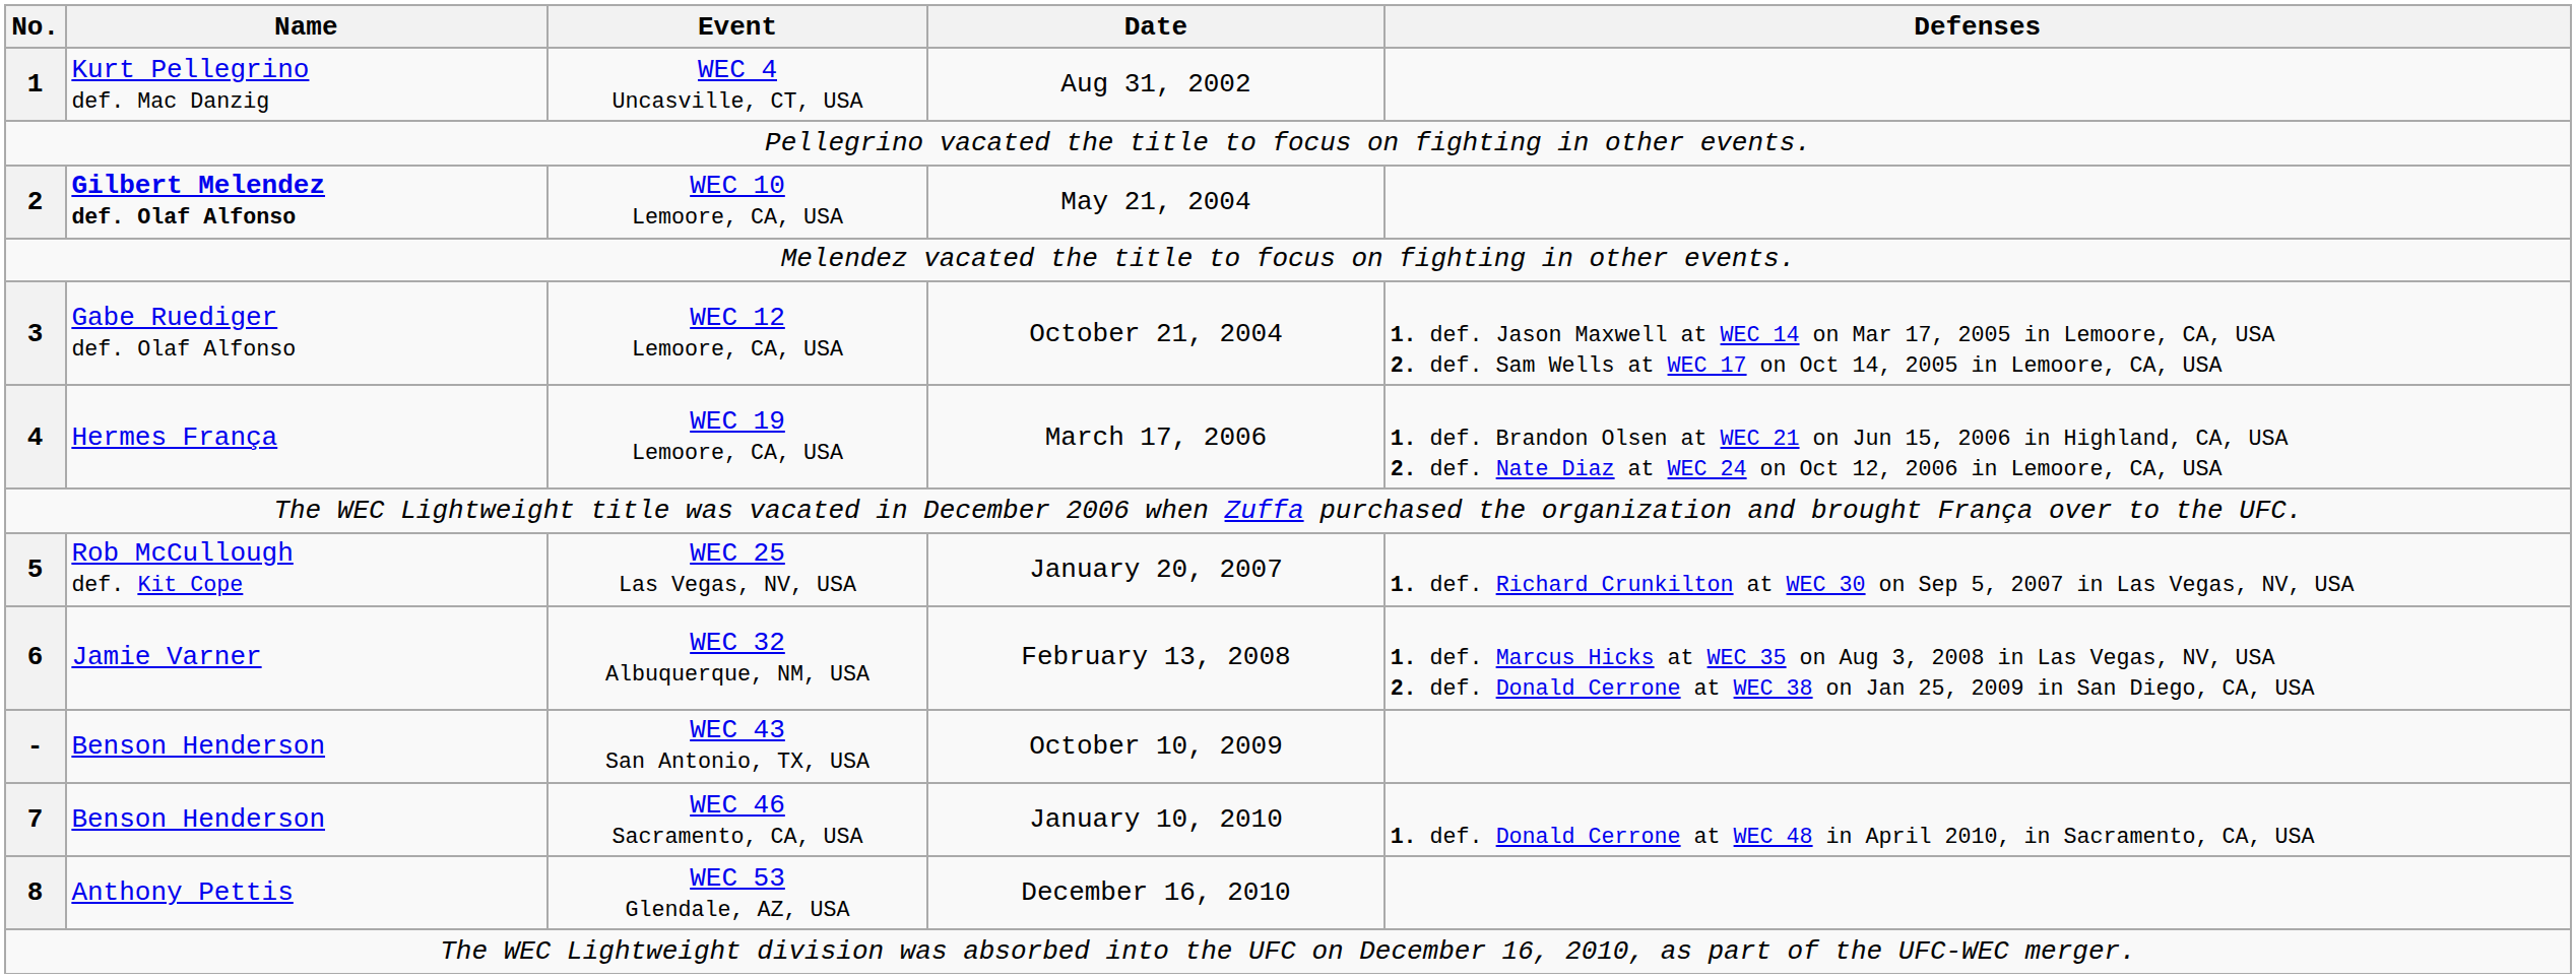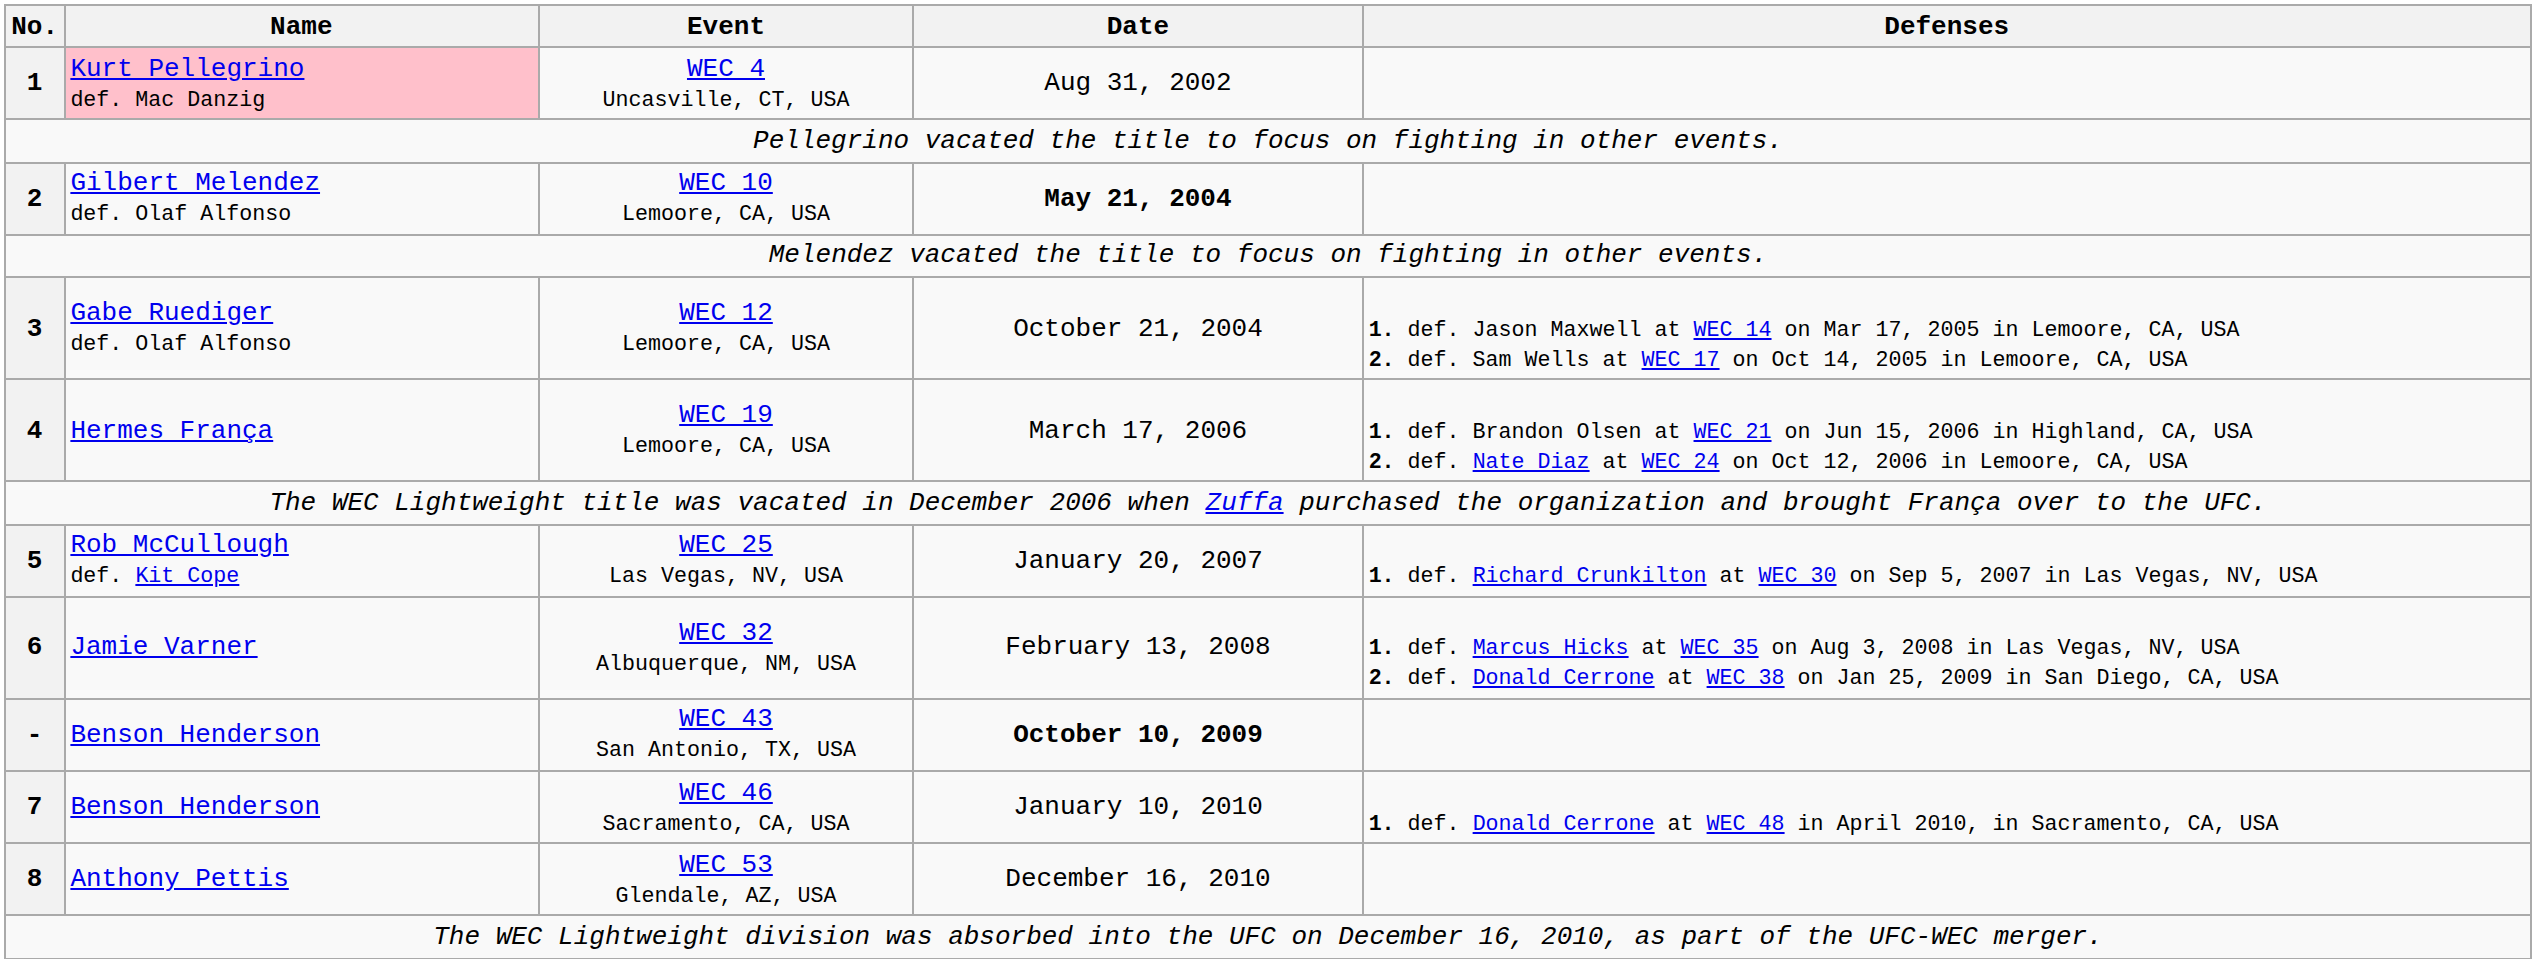 <table class="wikitable" width=100%>
 <tr>
 <th width=1%>No.</th>
 <th width=19%>Name</th>
 <th width=15%>Event</th>
 <th width=18%>Date</th>
 <th width=47%>Defenses</th>
 </tr>
 <tr>
 <th>1</th>
-<td align=left> <a href='#'>Kurt Pellegrino</a><br><small>def. Mac Danzig</small></td>
+<td align=left style="background: pink;"> <a href='#'>Kurt Pellegrino</a><br><small>def. Mac Danzig</small></td>
 <td align=center><a href='#'>WEC 4</a> <br><small>Uncasville, CT, USA</small></td>
 <td align=center>Aug 31, 2002</td>
 <td></td>
 </tr>
 <tr>
 <td align="center" colspan="5"><em>Pellegrino vacated the title to focus on fighting in other events.</em></td>
 </tr>
 <tr>
 <th>2</th>
-<td align=left><strong> <a href='#'>Gilbert Melendez</a><br><small>def. Olaf Alfonso</small></strong></td>
+<td align=left> <a href='#'>Gilbert Melendez</a><br><small>def. Olaf Alfonso</small></td>
 <td align=center><a href='#'>WEC 10</a> <br><small>Lemoore, CA, USA</small></td>
-<td align=center>May 21, 2004</td>
+<td align=center><strong>May 21, 2004</strong></td>
 <td></td>
 </tr>
 <tr>
 <td align="center" colspan="5"><em>Melendez vacated the title to focus on fighting in other events.</em></td>
 </tr>
 <tr>
 <th>3</th>
 <td align=left> <a href='#'>Gabe Ruediger</a><br><small>def. Olaf Alfonso</small></td>
 <td align=center><a href='#'>WEC 12</a> <br><small>Lemoore, CA, USA</small></td>
 <td align=center>October 21, 2004</td>
 <td><br><small><strong>1.</strong> def. Jason Maxwell at <a href='#'>WEC 14</a> on Mar 17, 2005 in Lemoore, CA, USA<br> <strong>2.</strong> def. Sam Wells at <a href='#'>WEC 17</a> on Oct 14, 2005 in Lemoore, CA, USA</small></td>
 </tr>
 <tr>
 <th>4</th>
 <td align=left> <a href='#'>Hermes França</a></td>
 <td align=center><a href='#'>WEC 19</a> <br><small>Lemoore, CA, USA</small></td>
 <td align=center>March 17, 2006</td>
 <td><br><small><strong>1.</strong> def. Brandon Olsen at <a href='#'>WEC 21</a> on Jun 15, 2006 in Highland, CA, USA<br> <strong>2.</strong> def. <a href='#'>Nate Diaz</a> at <a href='#'>WEC 24</a> on Oct 12, 2006 in Lemoore, CA, USA</small></td>
 </tr>
 <tr>
 <td align="center" colspan="5"><em>The WEC Lightweight title was vacated in December 2006 when <a href='#'>Zuffa</a> purchased the organization and brought França over to the UFC.</em></td>
 </tr>
 <tr>
 <th>5</th>
 <td align=left> <a href='#'>Rob McCullough</a><br><small>def. <a href='#'>Kit Cope</a></small></td>
 <td align=center><a href='#'>WEC 25</a> <br><small>Las Vegas, NV, USA</small></td>
 <td align=center>January 20, 2007</td>
 <td><br><small><strong>1.</strong> def. <a href='#'>Richard Crunkilton</a> at <a href='#'>WEC 30</a> on Sep 5, 2007 in Las Vegas, NV, USA</small></td>
 </tr>
 <tr>
 <th>6</th>
 <td align=left> <a href='#'>Jamie Varner</a></td>
 <td align=center><a href='#'>WEC 32</a> <br><small>Albuquerque, NM, USA</small></td>
 <td align=center>February 13, 2008</td>
 <td><br><small><strong>1.</strong> def. <a href='#'>Marcus Hicks</a> at <a href='#'>WEC 35</a> on Aug 3, 2008 in Las Vegas, NV, USA<br> <strong>2.</strong> def. <a href='#'>Donald Cerrone</a> at <a href='#'>WEC 38</a> on Jan 25, 2009 in San Diego, CA, USA</small></td>
 </tr>
 <tr>
 <th>-</th>
 <td align=left> <a href='#'>Benson Henderson</a><br></td>
 <td align=center><a href='#'>WEC 43</a> <br><small>San Antonio, TX, USA</small></td>
-<td align=center>October 10, 2009</td>
+<td align=center><strong>October 10, 2009</strong></td>
 <td></td>
 </tr>
 <tr>
 <th>7</th>
 <td align=left> <a href='#'>Benson Henderson</a><br></td>
 <td align=center><a href='#'>WEC 46</a> <br><small>Sacramento, CA, USA</small></td>
 <td align=center>January 10, 2010</td>
 <td><br><small><strong>1.</strong> def. <a href='#'>Donald Cerrone</a> at <a href='#'>WEC 48</a> in April 2010, in Sacramento, CA, USA</small></td>
 </tr>
 <tr>
 <th>8</th>
 <td align=left> <a href='#'>Anthony Pettis</a><br></td>
 <td align=center><a href='#'>WEC 53</a> <br><small>Glendale, AZ, USA</small></td>
 <td align=center>December 16, 2010</td>
 <td></td>
 </tr>
 <tr>
 <td align="center" colspan="5"><em>The WEC Lightweight division was absorbed into the UFC on December 16, 2010, as part of the UFC-WEC merger.</em></td>
 </tr>
 </table>
